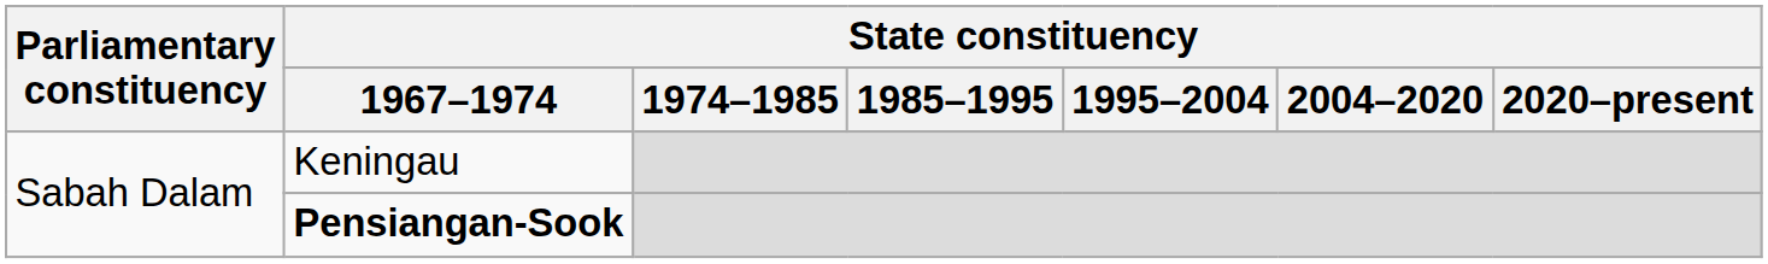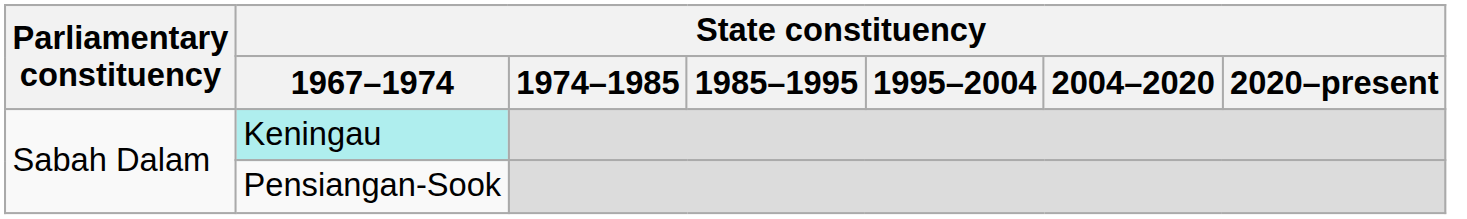 <table class=wikitable>
 <tr>
 <th rowspan=2>Parliamentary<br>constituency</th>
 <th colspan=6>State constituency</th>
 </tr>
 <tr>
 <th>1967–1974</th>
 <th>1974–1985</th>
 <th>1985–1995</th>
 <th>1995–2004</th>
 <th>2004–2020</th>
 <th>2020–present</th>
 </tr>
 <tr>
 <td rowspan=2>Sabah Dalam</td>
-<td>Keningau</td>
+<td style="background: paleturquoise;">Keningau</td>
 <td colspan=5 bgcolor=dcdcdc></td>
 </tr>
 <tr>
-<td><strong>Pensiangan-Sook</strong></td>
+<td>Pensiangan-Sook</td>
 <td colspan=5 bgcolor=dcdcdc></td>
 </tr>
 </table>
